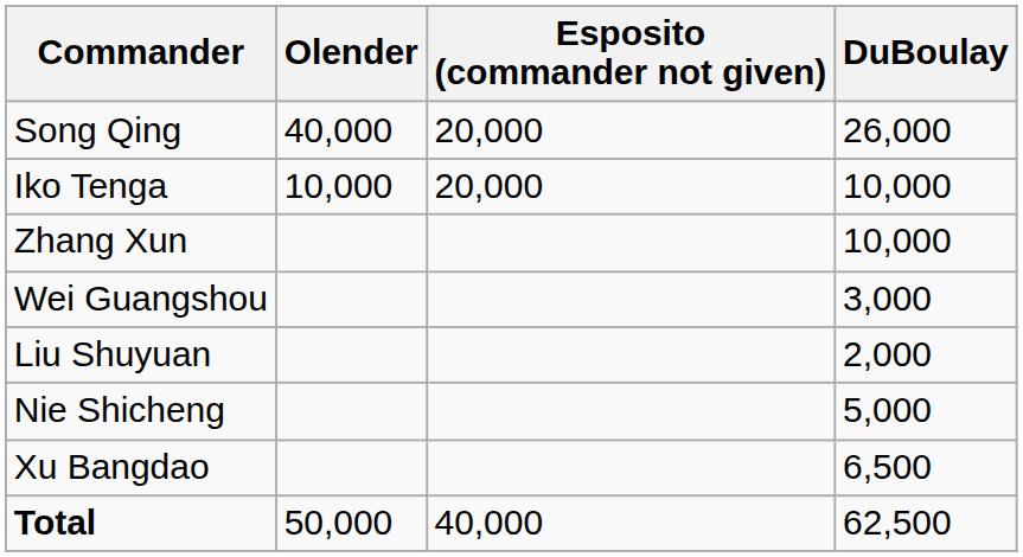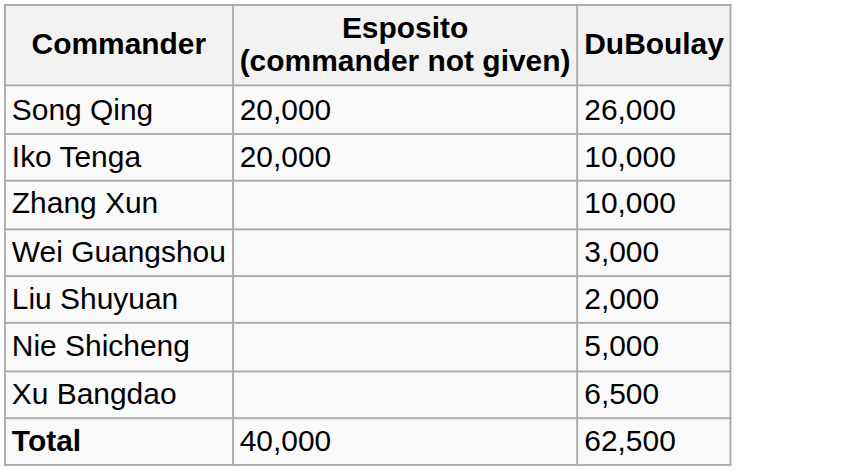 <table class="wikitable">
 <tr>
 <th>Commander</th>
-<th>Olender</th>
 <th>Esposito<br>(commander not given)</th>
 <th>DuBoulay</th>
 </tr>
 <tr>
 <td>Song Qing</td>
-<td>40,000</td>
 <td>20,000</td>
 <td>26,000</td>
 </tr>
 <tr>
 <td>Iko Tenga</td>
-<td>10,000</td>
 <td>20,000</td>
 <td>10,000</td>
 </tr>
 <tr>
 <td>Zhang Xun</td>
 <td></td>
-<td></td>
 <td>10,000</td>
 </tr>
 <tr>
 <td>Wei Guangshou</td>
-<td></td>
 <td></td>
 <td>3,000</td>
 </tr>
 <tr>
 <td>Liu Shuyuan</td>
 <td></td>
-<td></td>
 <td>2,000</td>
 </tr>
 <tr>
 <td>Nie Shicheng</td>
-<td></td>
 <td></td>
 <td>5,000</td>
 </tr>
 <tr>
 <td>Xu Bangdao</td>
 <td></td>
-<td></td>
 <td>6,500</td>
 </tr>
 <tr>
 <td><strong>Total</strong></td>
-<td>50,000</td>
 <td>40,000</td>
 <td>62,500</td>
 </tr>
 </table>
